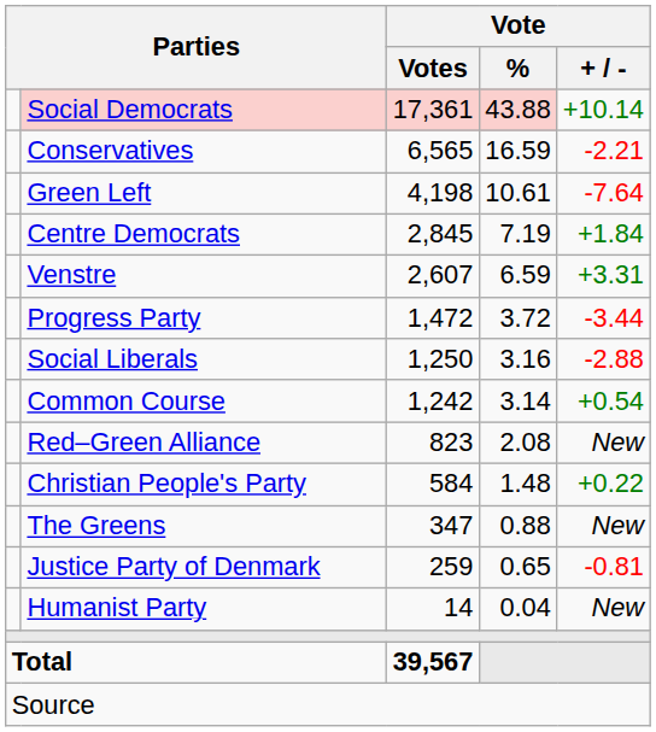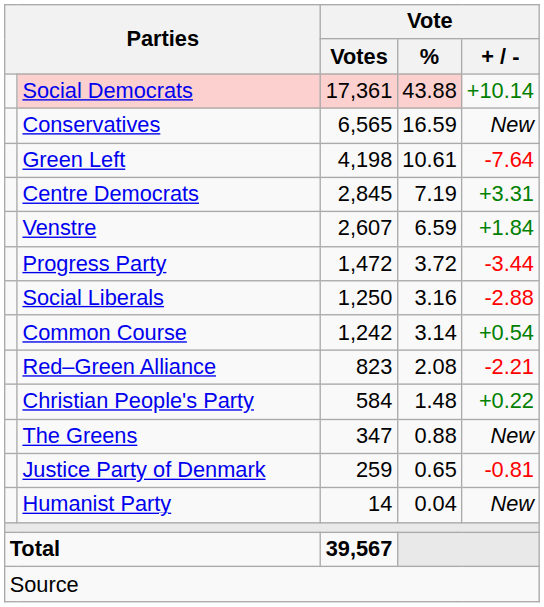 <table class="wikitable" style="text-align:right;">
 <tr>
 <th style="text-align:centre;" rowspan="2" colspan="2" width="225">Parties</th>
 <th colspan="3">Vote</th>
 </tr>
 <tr>
 <th width="15">Votes</th>
 <th width="15">%</th>
 <th width="15">+ / -</th>
 </tr>
 <tr>
 <td width="2" style="color:inherit;background:"></td>
 <td bgcolor=#fbd0ce  align="left"><a href='#'>Social Democrats</a></td>
 <td bgcolor=#fbd0ce>17,361</td>
 <td bgcolor=#fbd0ce>43.88</td>
 <td style=color:green;>+10.14</td>
 </tr>
 <tr>
 <td width="2" style="color:inherit;background:"></td>
 <td align="left"><a href='#'>Conservatives</a></td>
 <td>6,565</td>
 <td>16.59</td>
-<td style=color:red;>-2.21</td>
+<td><em>New</em></td>
 </tr>
 <tr>
 <td width="2" style="color:inherit;background:"></td>
 <td align="left"><a href='#'>Green Left</a></td>
 <td>4,198</td>
 <td>10.61</td>
 <td style=color:red;>-7.64</td>
 </tr>
 <tr>
 <td width="2" style="color:inherit;background:"></td>
 <td align="left"><a href='#'>Centre Democrats</a></td>
 <td>2,845</td>
 <td>7.19</td>
-<td style=color:green;>+1.84</td>
+<td style=color:green;>+3.31</td>
 </tr>
 <tr>
 <td width="2" style="color:inherit;background:"></td>
 <td align="left"><a href='#'>Venstre</a></td>
 <td>2,607</td>
 <td>6.59</td>
-<td style=color:green;>+3.31</td>
+<td style=color:green;>+1.84</td>
 </tr>
 <tr>
 <td width="2" style="color:inherit;background:"></td>
 <td align="left"><a href='#'>Progress Party</a></td>
 <td>1,472</td>
 <td>3.72</td>
 <td style=color:red;>-3.44</td>
 </tr>
 <tr>
 <td width="2" style="color:inherit;background:"></td>
 <td align="left"><a href='#'>Social Liberals</a></td>
 <td>1,250</td>
 <td>3.16</td>
 <td style=color:red;>-2.88</td>
 </tr>
 <tr>
 <td width="2" style="color:inherit;background:"></td>
 <td align="left"><a href='#'>Common Course</a></td>
 <td>1,242</td>
 <td>3.14</td>
 <td style=color:green;>+0.54</td>
 </tr>
 <tr>
 <td width="2" style="color:inherit;background:"></td>
 <td align="left"><a href='#'>Red–Green Alliance</a></td>
 <td>823</td>
 <td>2.08</td>
-<td><em>New</em></td>
+<td style=color:red;>-2.21</td>
 </tr>
 <tr>
 <td width="2" style="color:inherit;background:"></td>
 <td align="left"><a href='#'>Christian People's Party</a></td>
 <td>584</td>
 <td>1.48</td>
 <td style=color:green;>+0.22</td>
 </tr>
 <tr>
 <td width="2" style="color:inherit;background:"></td>
 <td align="left"><a href='#'>The Greens</a></td>
 <td>347</td>
 <td>0.88</td>
 <td><em>New</em></td>
 </tr>
 <tr>
 <td width="2" style="color:inherit;background:"></td>
 <td align="left"><a href='#'>Justice Party of Denmark</a></td>
 <td>259</td>
 <td>0.65</td>
 <td style=color:red;>-0.81</td>
 </tr>
 <tr>
 <td width="2" style="color:inherit;background:"></td>
 <td align="left"><a href='#'>Humanist Party</a></td>
 <td>14</td>
 <td>0.04</td>
 <td><em>New</em></td>
 </tr>
 <tr>
 <td colspan="7" bgcolor="#E9E9E9"></td>
 </tr>
 <tr>
 <td align="left" colspan="2"><strong>Total</strong></td>
 <td><strong>39,567</strong></td>
 <td bgcolor="#E9E9E9" colspan="2"></td>
 </tr>
 <tr>
 <td align="left" colspan="6">Source</td>
 </tr>
 </table>
